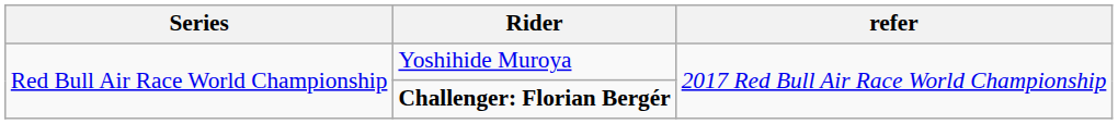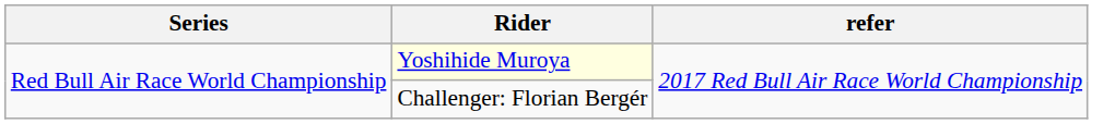 <table class="wikitable" style="font-size:87%">
 <tr>
 <th>Series</th>
 <th>Rider</th>
 <th>refer</th>
 </tr>
 <tr>
 <td rowspan="2"><a href='#'>Red Bull Air Race World Championship</a></td>
-<td> <a href='#'>Yoshihide Muroya</a></td>
+<td style="background: lightyellow;"> <a href='#'>Yoshihide Muroya</a></td>
 <td rowspan="2"><em><a href='#'>2017 Red Bull Air Race World Championship</a></em></td>
 </tr>
 <tr>
-<td><strong>Challenger:  Florian Bergér</strong></td>
+<td>Challenger:  Florian Bergér</td>
 </tr>
 </table>
